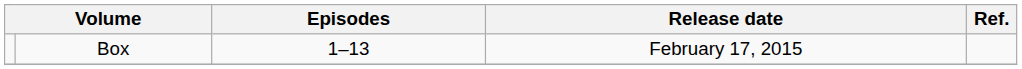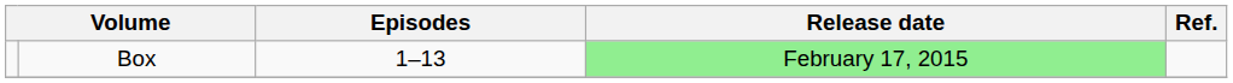 <table class="wikitable" style="text-align: center; width: 98%;">
 <tr>
 <th colspan="2">Volume</th>
 <th>Episodes</th>
 <th>Release date</th>
 <th width="5%">Ref.</th>
 </tr>
 <tr>
 <td width="1%"></td>
 <td>Box</td>
 <td>1–13</td>
-<td>February 17, 2015</td>
+<td style="background: lightgreen;">February 17, 2015</td>
 <td></td>
 </tr>
 <tr>
 </tr>
 </table>
